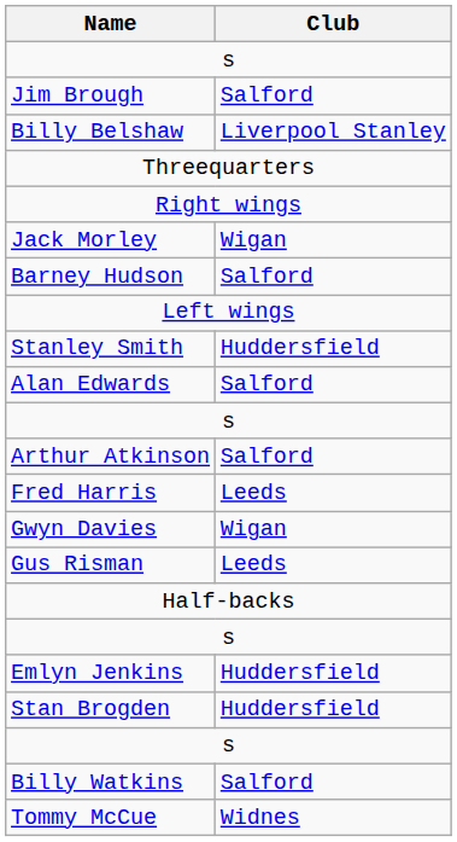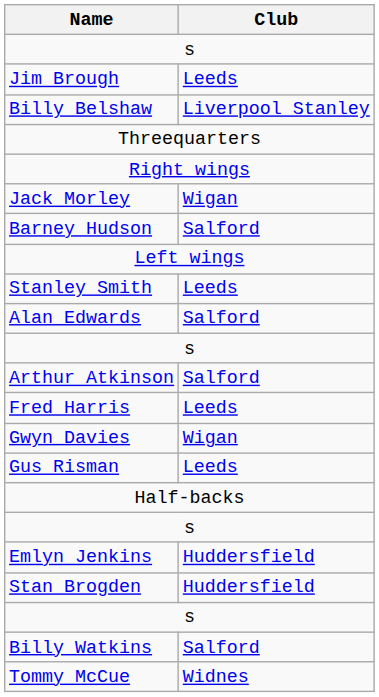 <table class="wikitable">
 <tr>
 <th>Name</th>
 <th>Club</th>
 </tr>
 <tr>
 <td colspan="2" style="text-align: center;">s</td>
 </tr>
 <tr>
 <td><a href='#'>Jim Brough</a></td>
-<td><a href='#'>Salford</a></td>
+<td><a href='#'>Leeds</a></td>
 </tr>
 <tr>
 <td><a href='#'>Billy Belshaw</a></td>
 <td><a href='#'>Liverpool Stanley</a></td>
 </tr>
 <tr>
 <td colspan="2" style="text-align: center;">Threequarters</td>
 </tr>
 <tr>
 <td colspan="2" style="text-align: center;"><a href='#'>Right wings</a></td>
 </tr>
 <tr>
 <td><a href='#'>Jack Morley</a></td>
 <td><a href='#'>Wigan</a></td>
 </tr>
 <tr>
 <td><a href='#'>Barney Hudson</a></td>
 <td><a href='#'>Salford</a></td>
 </tr>
 <tr>
 <td colspan="2" style="text-align: center;"><a href='#'>Left wings</a></td>
 </tr>
 <tr>
 <td><a href='#'>Stanley Smith</a></td>
-<td><a href='#'>Huddersfield</a></td>
+<td><a href='#'>Leeds</a></td>
 </tr>
 <tr>
 <td><a href='#'>Alan Edwards</a></td>
 <td><a href='#'>Salford</a></td>
 </tr>
 <tr>
 <td colspan="2" style="text-align: center;">s</td>
 </tr>
 <tr>
 <td><a href='#'>Arthur Atkinson</a></td>
 <td><a href='#'>Salford</a></td>
 </tr>
 <tr>
 <td><a href='#'>Fred Harris</a></td>
 <td><a href='#'>Leeds</a></td>
 </tr>
 <tr>
 <td><a href='#'>Gwyn Davies</a></td>
 <td><a href='#'>Wigan</a></td>
 </tr>
 <tr>
 <td><a href='#'>Gus Risman</a></td>
 <td><a href='#'>Leeds</a></td>
 </tr>
 <tr>
 <td colspan="2" style="text-align: center;">Half-backs</td>
 </tr>
 <tr>
 <td colspan="2" style="text-align: center;">s</td>
 </tr>
 <tr>
 <td><a href='#'>Emlyn Jenkins</a></td>
 <td><a href='#'>Huddersfield</a></td>
 </tr>
 <tr>
 <td><a href='#'>Stan Brogden</a></td>
 <td><a href='#'>Huddersfield</a></td>
 </tr>
 <tr>
 <td colspan="2" style="text-align: center;">s</td>
 </tr>
 <tr>
 <td><a href='#'>Billy Watkins</a></td>
 <td><a href='#'>Salford</a></td>
 </tr>
 <tr>
 <td><a href='#'>Tommy McCue</a></td>
 <td><a href='#'>Widnes</a></td>
 </tr>
 </table>
